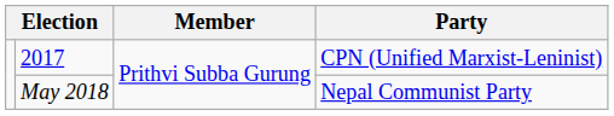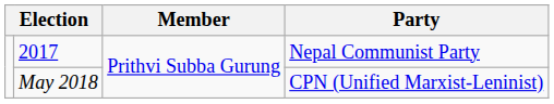 <table class="wikitable">
 <tr>
 <th colspan="2">Election</th>
 <th>Member</th>
 <th>Party</th>
 </tr>
 <tr>
 <td rowspan="2" style="background-color:"></td>
 <td><a href='#'>2017</a></td>
 <td rowspan="2"><a href='#'>Prithvi Subba Gurung</a></td>
-<td><a href='#'>CPN (Unified Marxist-Leninist)</a></td>
+<td><a href='#'>Nepal Communist Party</a></td>
 </tr>
 <tr>
 <td><em>May 2018</em></td>
-<td><a href='#'>Nepal Communist Party</a></td>
+<td><a href='#'>CPN (Unified Marxist-Leninist)</a></td>
 </tr>
 </table>
